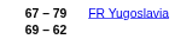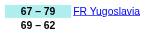 <table style="text-align:center">
 <tr>
 <th width=200></th>
 <th width=100></th>
 <th width=200></th>
 </tr>
 <tr>
 <td align=right><strong></strong></td>
-<td><strong>67 – 79</strong></td>
+<td style="background: paleturquoise;"><strong>67 – 79</strong></td>
 <td align=left> <a href='#'>FR Yugoslavia</a></td>
 </tr>
 <tr>
 <td align=right></td>
 <td><strong>69 – 62</strong></td>
 <td align=left><strong></strong></td>
 </tr>
 </table>
